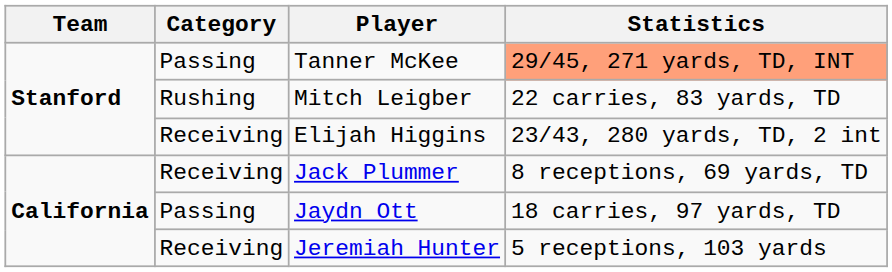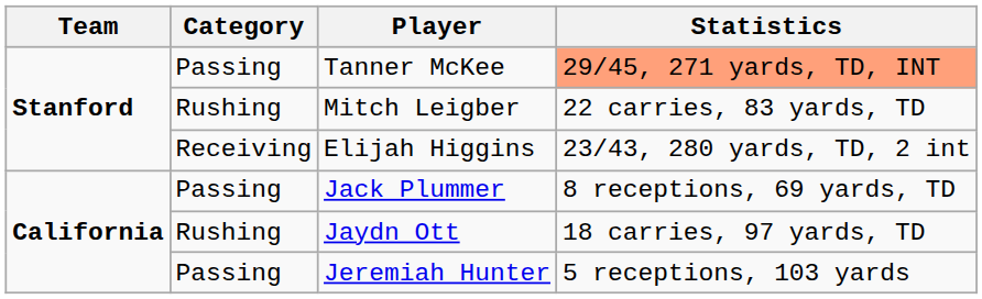 <table class="wikitable" style="float: right;">
 <tr>
 <th>Team</th>
 <th>Category</th>
 <th>Player</th>
 <th>Statistics</th>
 </tr>
 <tr>
 <td rowspan=3><strong>Stanford</strong></td>
 <td>Passing</td>
 <td>Tanner McKee</td>
 <td style="background: lightsalmon;">29/45, 271 yards, TD, INT</td>
 </tr>
 <tr>
 <td>Rushing</td>
 <td>Mitch Leigber</td>
 <td>22 carries, 83 yards, TD</td>
 </tr>
 <tr>
 <td>Receiving</td>
 <td>Elijah Higgins</td>
 <td>23/43, 280 yards, TD, 2 int</td>
 </tr>
 <tr>
 <td rowspan=3><strong>California</strong></td>
-<td>Receiving</td>
+<td>Passing</td>
 <td><a href='#'>Jack Plummer</a></td>
 <td>8 receptions, 69 yards, TD</td>
 </tr>
 <tr>
-<td>Passing</td>
+<td>Rushing</td>
 <td><a href='#'>Jaydn Ott</a></td>
 <td>18 carries, 97 yards, TD</td>
 </tr>
 <tr>
-<td>Receiving</td>
+<td>Passing</td>
 <td><a href='#'>Jeremiah Hunter</a></td>
 <td>5 receptions, 103 yards</td>
 </tr>
 </table>
